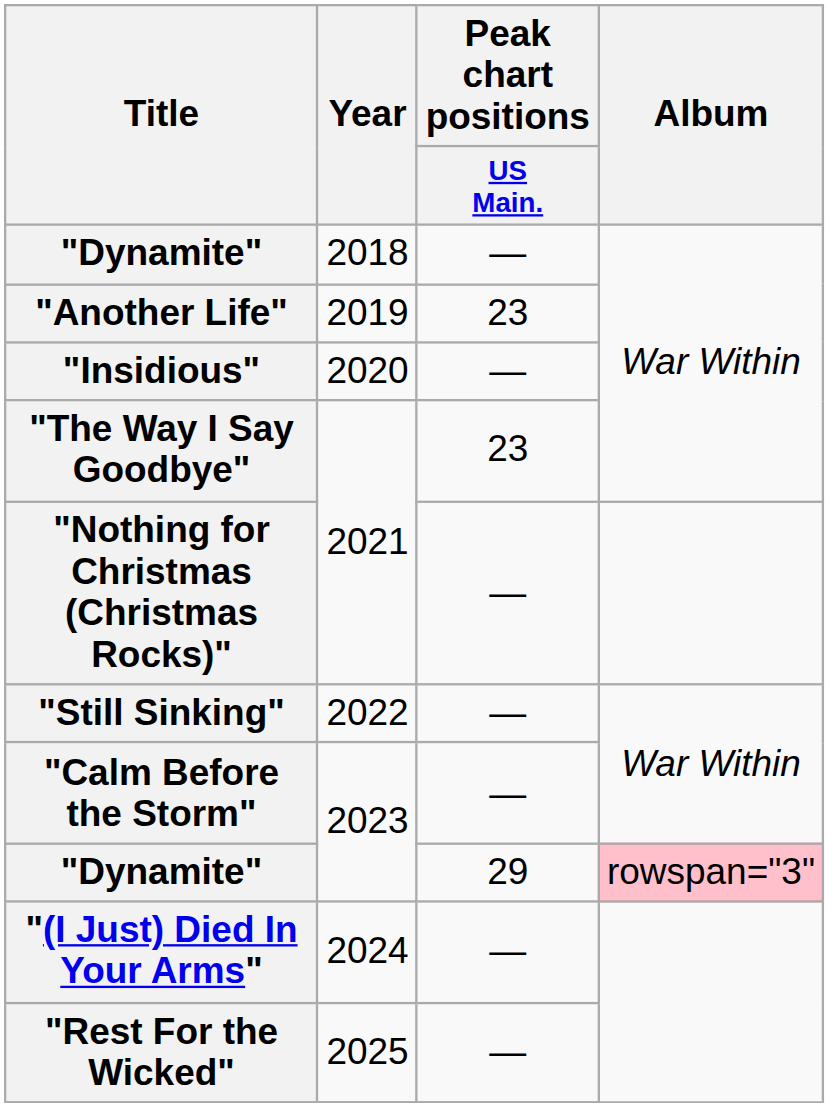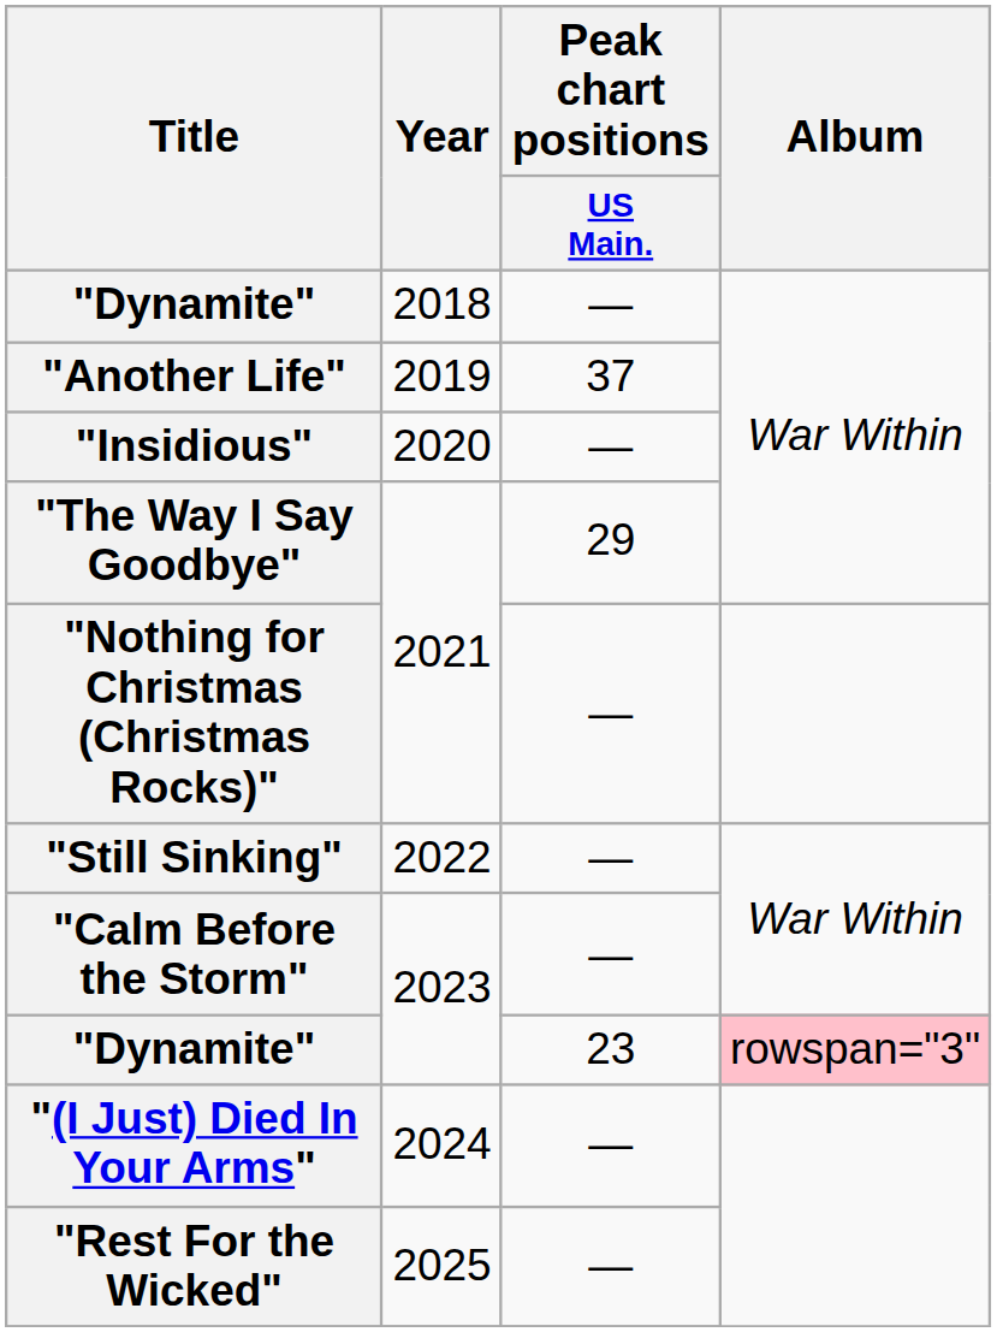 <table class="wikitable plainrowheaders" style="text-align:center;">
 <tr>
 <th scope="col" rowspan="2" style="width:8em;">Title</th>
 <th scope="col" rowspan="2">Year</th>
 <th scope="col" colspan="1">Peak chart positions</th>
 <th scope="col" rowspan="2">Album</th>
 </tr>
 <tr>
 <th style="width:4em;font-size:75%"><a href='#'>US<br>Main.</a><br></th>
 </tr>
 <tr>
 <th scope="row">"Dynamite"</th>
 <td>2018</td>
 <td>—</td>
 <td rowspan="4"><em>War Within</em></td>
 </tr>
 <tr>
 <th scope="row">"Another Life"</th>
 <td>2019</td>
-<td>23</td>
+<td>37</td>
 </tr>
 <tr>
 <th scope="row">"Insidious"</th>
 <td>2020</td>
 <td>—</td>
 </tr>
 <tr>
 <th scope="row">"The Way I Say Goodbye"</th>
 <td rowspan="2">2021</td>
-<td>23</td>
+<td>29</td>
 </tr>
 <tr>
 <th scope="row">"Nothing for Christmas (Christmas Rocks)"</th>
 <td>—</td>
 <td></td>
 </tr>
 <tr>
 <th scope="row">"Still Sinking"</th>
 <td>2022</td>
 <td>—</td>
 <td rowspan="2"><em>War Within</em></td>
 </tr>
 <tr>
 <th scope="row">"Calm Before the Storm"</th>
 <td rowspan="2">2023</td>
 <td>—</td>
 </tr>
 <tr>
 <th scope="row">"Dynamite" </th>
-<td>29</td>
+<td>23</td>
 <td style="background: pink;">rowspan="3" </td>
 </tr>
 <tr>
 <th scope="row">"<a href='#'>(I Just) Died In Your Arms</a>" </th>
 <td>2024</td>
 <td>—</td>
 </tr>
 <tr>
 <th scope="row">"Rest For the Wicked"</th>
 <td>2025</td>
 <td>—</td>
 </tr>
 <tr>
 </tr>
 </table>
